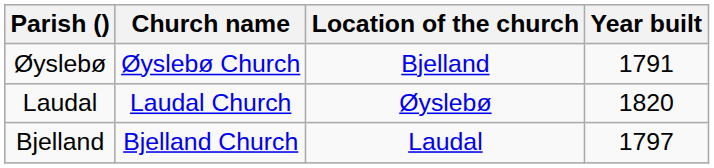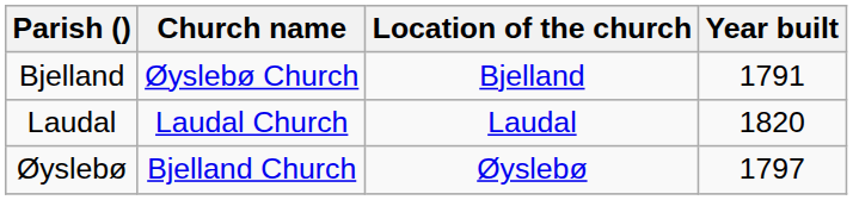 <table class="wikitable" style="text-align:center">
 <tr>
 <th>Parish ()</th>
 <th>Church name</th>
 <th>Location of the church</th>
 <th>Year built</th>
 </tr>
 <tr>
-<td rowspan="1">Øyslebø</td>
+<td rowspan="1">Bjelland</td>
 <td><a href='#'>Øyslebø Church</a></td>
 <td><a href='#'>Bjelland</a></td>
 <td>1791</td>
 </tr>
 <tr>
 <td rowspan="1">Laudal</td>
 <td><a href='#'>Laudal Church</a></td>
-<td><a href='#'>Øyslebø</a></td>
+<td><a href='#'>Laudal</a></td>
 <td>1820</td>
 </tr>
 <tr>
-<td rowspan="1">Bjelland</td>
+<td rowspan="1">Øyslebø</td>
 <td><a href='#'>Bjelland Church</a></td>
-<td><a href='#'>Laudal</a></td>
+<td><a href='#'>Øyslebø</a></td>
 <td>1797</td>
 </tr>
 </table>
